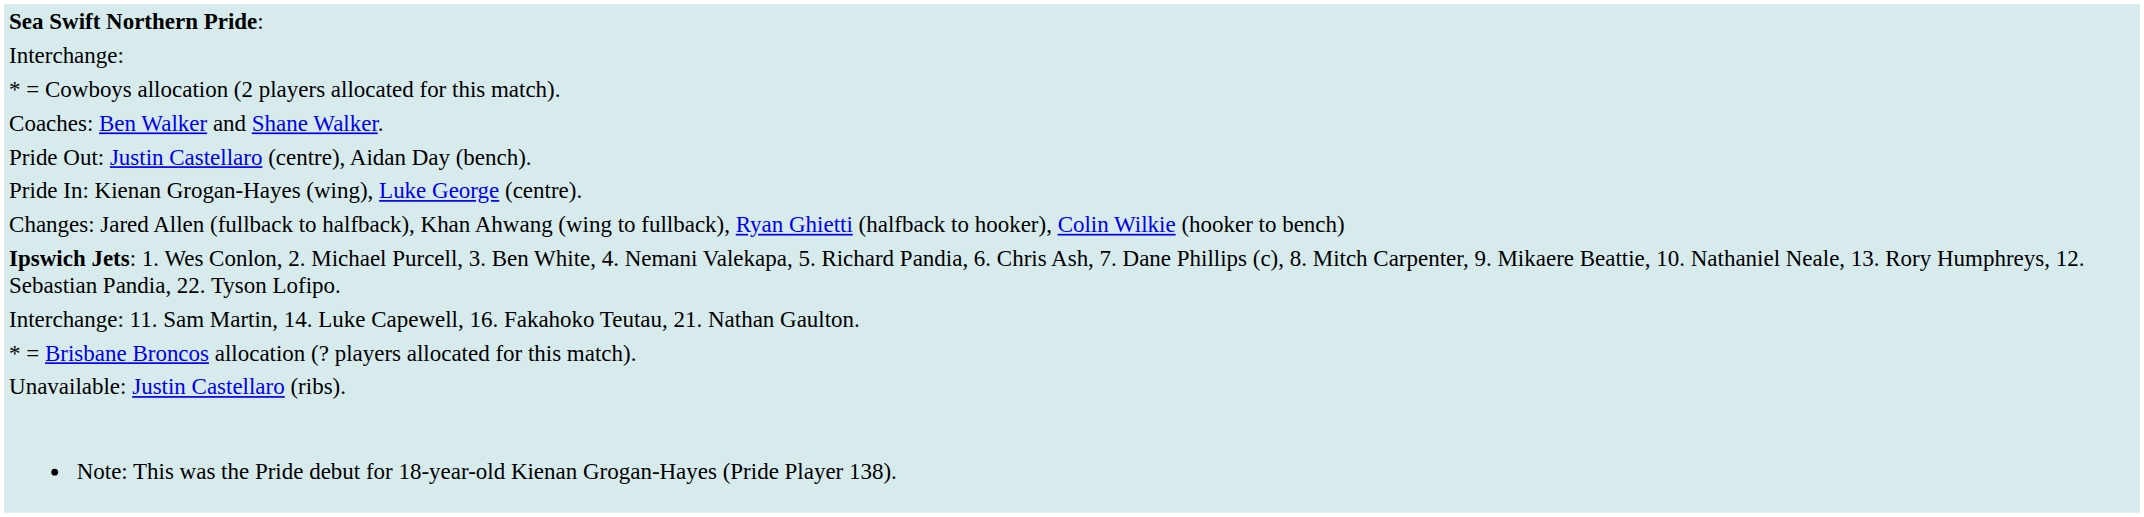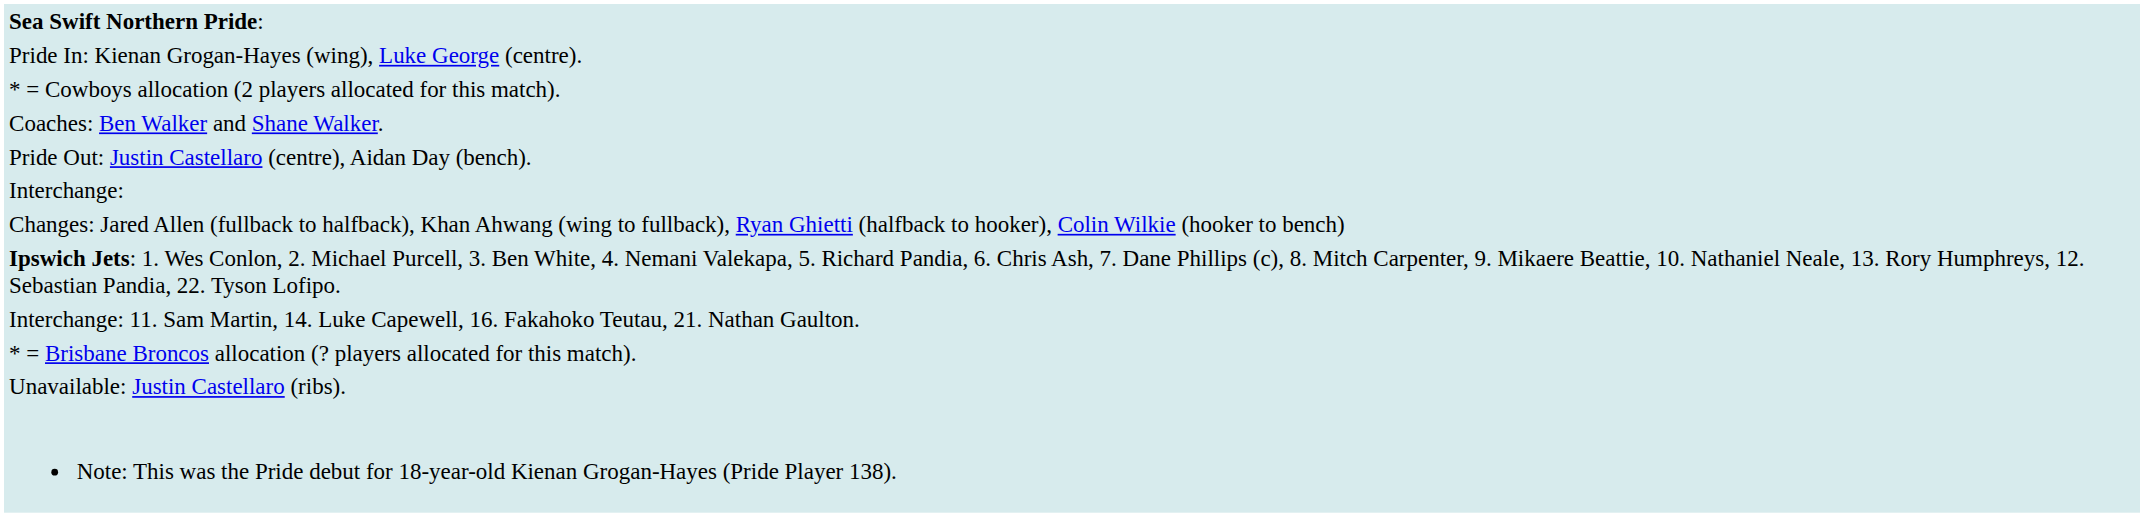 <table style="background:#d7ebed; font-size:85%; width:100%;">
 <tr>
 <td><strong>Sea Swift Northern Pride</strong>:             </td>
 </tr>
 <tr>
-<td>Interchange:    </td>
+<td>Pride In: Kienan Grogan-Hayes (wing), <a href='#'>Luke George</a> (centre).</td>
 </tr>
 <tr>
 <td>* = Cowboys allocation (2 players allocated for this match).</td>
 </tr>
 <tr>
 <td>Coaches: <a href='#'>Ben Walker</a> and <a href='#'>Shane Walker</a>.</td>
 </tr>
 <tr>
 <td>Pride Out: <a href='#'>Justin Castellaro</a> (centre), Aidan Day (bench).</td>
 </tr>
 <tr>
-<td>Pride In: Kienan Grogan-Hayes (wing), <a href='#'>Luke George</a> (centre).</td>
+<td>Interchange:    </td>
 </tr>
 <tr>
 <td>Changes: Jared Allen (fullback to halfback), Khan Ahwang (wing to fullback), <a href='#'>Ryan Ghietti</a> (halfback to hooker), <a href='#'>Colin Wilkie</a> (hooker to bench)</td>
 </tr>
 <tr>
 <td><strong>Ipswich Jets</strong>: 1. Wes Conlon, 2. Michael Purcell, 3. Ben White, 4. Nemani Valekapa, 5. Richard Pandia, 6. Chris Ash, 7. Dane Phillips (c), 8. Mitch Carpenter, 9. Mikaere Beattie, 10. Nathaniel Neale, 13. Rory Humphreys, 12. Sebastian Pandia, 22. Tyson Lofipo.</td>
 </tr>
 <tr>
 <td>Interchange: 11. Sam Martin, 14. Luke Capewell, 16. Fakahoko Teutau, 21. Nathan Gaulton.</td>
 </tr>
 <tr>
 <td>* = <a href='#'>Brisbane Broncos</a> allocation (? players allocated for this match).</td>
 </tr>
 <tr>
 <td>Unavailable: <a href='#'>Justin Castellaro</a> (ribs).</td>
 </tr>
 <tr>
 <td><br><ul><li>Note: This was the Pride debut for 18-year-old Kienan Grogan-Hayes (Pride Player 138).</li></ul></td>
 </tr>
 </table>
